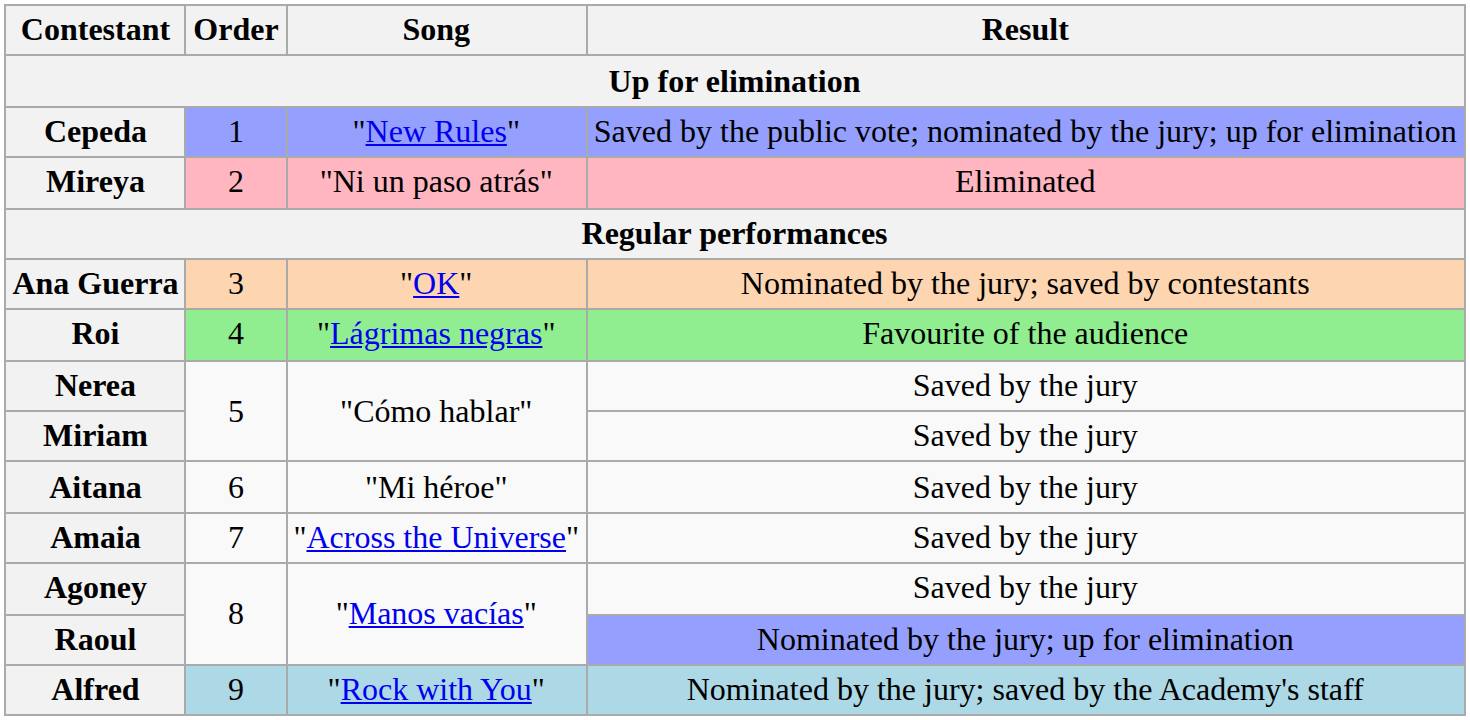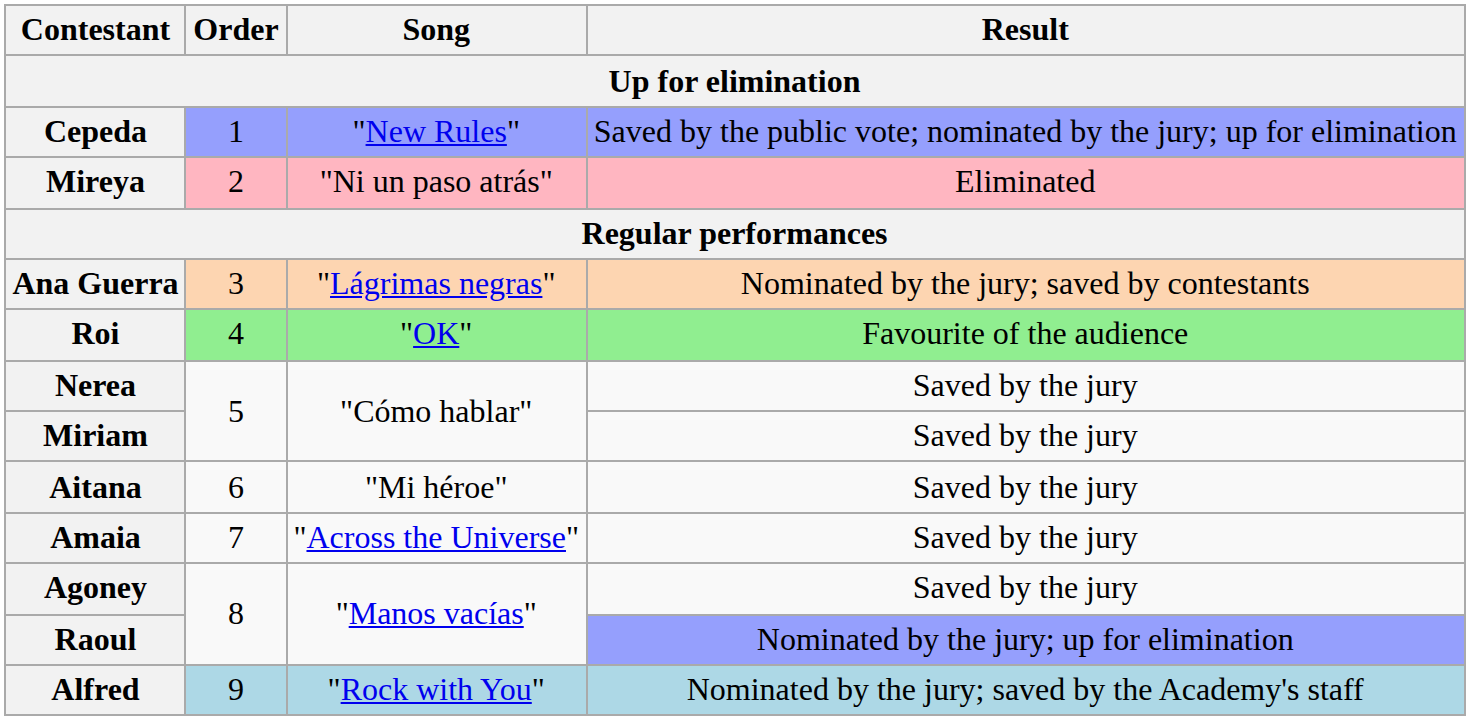 <table class="wikitable plainrowheaders" style="text-align:center;">
 <tr>
 <th scope="col">Contestant</th>
 <th scope="col">Order</th>
 <th scope="col">Song</th>
 <th scope="col">Result</th>
 </tr>
 <tr>
 <th colspan="4">Up for elimination</th>
 </tr>
 <tr style="background:#959ffd;">
 <th scope="row">Cepeda</th>
 <td>1</td>
 <td>"<a href='#'>New Rules</a>"</td>
 <td>Saved by the public vote; nominated by the jury; up for elimination</td>
 </tr>
 <tr style="background:lightpink">
 <th scope="row">Mireya</th>
 <td>2</td>
 <td>"Ni un paso atrás"</td>
 <td>Eliminated</td>
 </tr>
 <tr>
 <th colspan="4">Regular performances</th>
 </tr>
 <tr style="background:#fdd5b1;">
 <th scope="row">Ana Guerra</th>
 <td>3</td>
-<td>"<a href='#'>OK</a>"</td>
+<td>"<a href='#'>Lágrimas negras</a>"</td>
 <td>Nominated by the jury; saved by contestants</td>
 </tr>
 <tr style="background:lightgreen">
 <th scope="row">Roi</th>
 <td>4</td>
-<td>"<a href='#'>Lágrimas negras</a>"</td>
+<td>"<a href='#'>OK</a>"</td>
 <td>Favourite of the audience</td>
 </tr>
 <tr>
 <th scope="row">Nerea</th>
 <td rowspan="2">5</td>
 <td rowspan="2">"Cómo hablar"</td>
 <td>Saved by the jury</td>
 </tr>
 <tr>
 <th scope="row">Miriam</th>
 <td>Saved by the jury</td>
 </tr>
 <tr>
 <th scope="row">Aitana</th>
 <td>6</td>
 <td>"Mi héroe"</td>
 <td>Saved by the jury</td>
 </tr>
 <tr>
 <th scope="row">Amaia</th>
 <td>7</td>
 <td>"<a href='#'>Across the Universe</a>"</td>
 <td>Saved by the jury</td>
 </tr>
 <tr>
 <th scope="row">Agoney</th>
 <td rowspan="2">8</td>
 <td rowspan="2">"<a href='#'>Manos vacías</a>"</td>
 <td>Saved by the jury</td>
 </tr>
 <tr>
 <th scope="row">Raoul</th>
 <td style="background:#959ffd;">Nominated by the jury; up for elimination</td>
 </tr>
 <tr style="background:lightblue">
 <th scope="row">Alfred</th>
 <td>9</td>
 <td>"<a href='#'>Rock with You</a>"</td>
 <td>Nominated by the jury; saved by the Academy's staff</td>
 </tr>
 </table>
